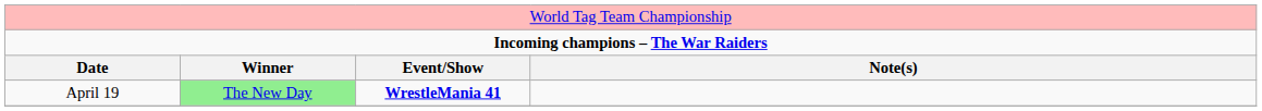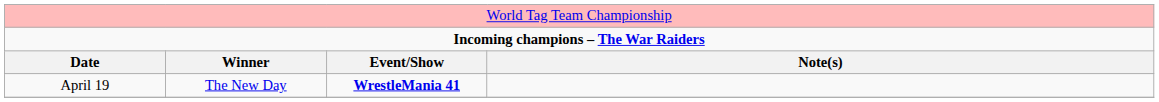 <table class="wikitable" style="text-align:center; width:100%;">
 <tr style="background:#FBB;">
 <td colspan="4" style="text-align: center;"><a href='#'>World Tag Team Championship</a></td>
 </tr>
 <tr>
 <td colspan="4" style="text-align: center;"><strong>Incoming champions – <a href='#'>The War Raiders</a> </strong></td>
 </tr>
 <tr>
 <th width="14%">Date</th>
 <th width="14%">Winner</th>
 <th width="14%">Event/Show</th>
 <th width="58%">Note(s)</th>
 </tr>
 <tr>
 <td>April 19</td>
-<td style="background: lightgreen;"><a href='#'>The New Day</a><br></td>
+<td><a href='#'>The New Day</a><br></td>
 <td><strong><a href='#'>WrestleMania 41</a><br></strong></td>
 <td></td>
 </tr>
 <tr>
 </tr>
 </table>
